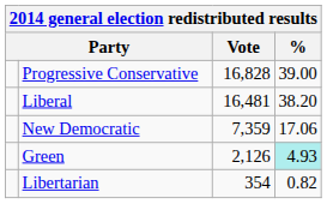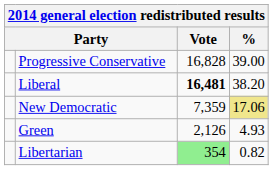 <table class="wikitable">
 <tr>
 <th colspan="4"><a href='#'>2014 general election</a> redistributed results</th>
 </tr>
 <tr>
 <th bgcolor="#DDDDFF" width="130px" colspan="2">Party</th>
 <th bgcolor="#DDDDFF" width="50px">Vote</th>
 <th bgcolor="#DDDDFF" width="30px">%</th>
 </tr>
 <tr>
 <td> </td>
 <td><a href='#'>Progressive Conservative</a></td>
 <td align=right>16,828</td>
 <td align=right>39.00</td>
 </tr>
 <tr>
 <td> </td>
 <td><a href='#'>Liberal</a></td>
-<td align=right>16,481</td>
+<td align=right><strong>16,481</strong></td>
 <td align=right>38.20</td>
 </tr>
 <tr>
 <td> </td>
 <td><a href='#'>New Democratic</a></td>
 <td align=right>7,359</td>
-<td align=right>17.06</td>
+<td align=right style="background: khaki;">17.06</td>
 </tr>
 <tr>
 <td> </td>
 <td><a href='#'>Green</a></td>
 <td align=right>2,126</td>
-<td align=right style="background: paleturquoise;">4.93</td>
+<td align=right>4.93</td>
 </tr>
 <tr>
 <td> </td>
 <td><a href='#'>Libertarian</a></td>
-<td align=right>354</td>
+<td align=right style="background: lightgreen;">354</td>
 <td align=right>0.82</td>
 </tr>
 </table>
